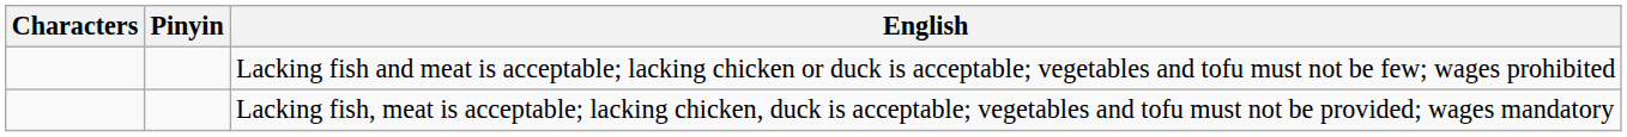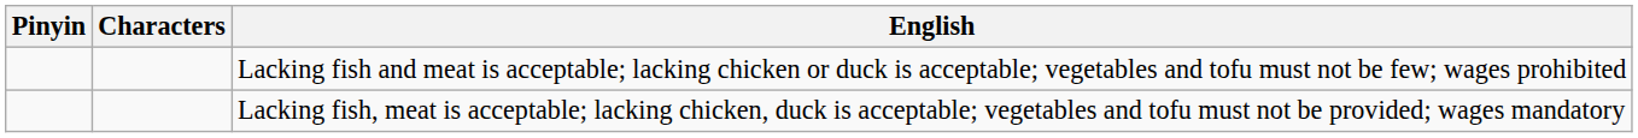 <table class="wikitable">
 <tr>
+<th>Pinyin</th>
 <th>Characters</th>
-<th>Pinyin</th>
 <th>English</th>
 </tr>
 <tr>
 <td></td>
 <td></td>
 <td>Lacking fish and meat is acceptable; lacking chicken or duck is acceptable; vegetables and tofu must not be few; wages prohibited</td>
 </tr>
 <tr>
 <td></td>
 <td></td>
 <td>Lacking fish, meat is acceptable; lacking chicken, duck is acceptable; vegetables and tofu must not be provided; wages mandatory</td>
 </tr>
 </table>
